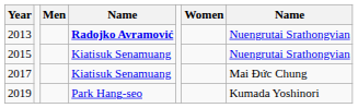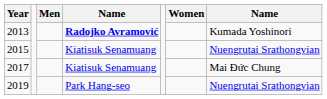 <table class="wikitable" style="font-size:95%;">
 <tr>
 <th>Year</th>
 <td rowspan=5></td>
 <th>Men</th>
 <th>Name</th>
 <td rowspan=5></td>
 <th>Women</th>
 <th>Name</th>
 </tr>
 <tr>
 <td>2013</td>
 <td></td>
 <td><strong> <a href='#'>Radojko Avramović</a></strong></td>
 <td></td>
-<td> <a href='#'>Nuengrutai Srathongvian</a></td>
+<td> Kumada Yoshinori</td>
 </tr>
 <tr>
 <td>2015</td>
 <td></td>
 <td> <a href='#'>Kiatisuk Senamuang</a></td>
 <td></td>
 <td> <a href='#'>Nuengrutai Srathongvian</a></td>
 </tr>
 <tr>
 <td>2017</td>
 <td></td>
 <td> <a href='#'>Kiatisuk Senamuang</a></td>
 <td></td>
 <td> Mai Đức Chung</td>
 </tr>
 <tr>
 <td>2019</td>
 <td></td>
 <td> <a href='#'>Park Hang-seo</a></td>
 <td></td>
-<td> Kumada Yoshinori</td>
+<td> <a href='#'>Nuengrutai Srathongvian</a></td>
 </tr>
 </table>
